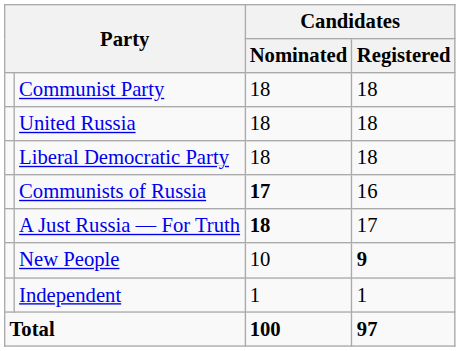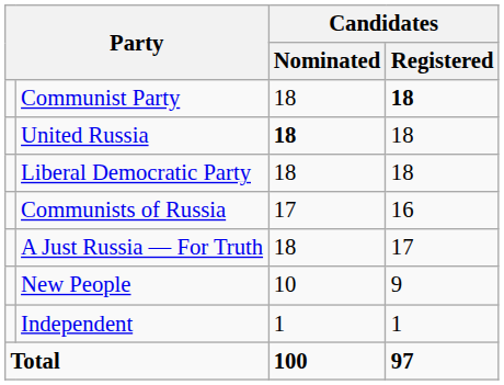 <table class="wikitable sortable" style="background: #f9f9f9; text-align:left; font-size: 95%">
 <tr>
 <th align=center rowspan=2 colspan=2>Party</th>
 <th align=center colspan=2>Candidates</th>
 </tr>
 <tr>
 <th align=center>Nominated</th>
 <th align=center>Registered</th>
 </tr>
 <tr>
 <td></td>
 <td><a href='#'>Communist Party</a></td>
 <td>18</td>
-<td>18</td>
+<td><strong>18</strong></td>
 </tr>
 <tr>
 <td></td>
 <td><a href='#'>United Russia</a></td>
-<td>18</td>
+<td><strong>18</strong></td>
 <td>18</td>
 </tr>
 <tr>
 <td></td>
 <td><a href='#'>Liberal Democratic Party</a></td>
 <td>18</td>
 <td>18</td>
 </tr>
 <tr>
 <td></td>
 <td><a href='#'>Communists of Russia</a></td>
-<td><strong>17</strong></td>
+<td>17</td>
 <td>16</td>
 </tr>
 <tr>
 <td></td>
 <td><a href='#'>A Just Russia — For Truth</a></td>
-<td><strong>18</strong></td>
+<td>18</td>
 <td>17</td>
 </tr>
 <tr>
 <td></td>
 <td><a href='#'>New People</a></td>
 <td>10</td>
-<td><strong>9</strong></td>
+<td>9</td>
 </tr>
 <tr>
 <td></td>
 <td><a href='#'>Independent</a></td>
 <td>1</td>
 <td>1</td>
 </tr>
 <tr>
 <td colspan=2><strong>Total</strong></td>
 <td><strong>100</strong></td>
 <td><strong>97</strong></td>
 </tr>
 </table>
